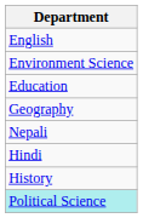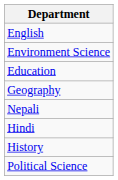 <table class="wikitable sortable">
 <tr>
 <th>Department</th>
 </tr>
 <tr>
 <td><a href='#'>English</a></td>
 </tr>
 <tr>
 <td><a href='#'>Environment Science</a></td>
 </tr>
 <tr>
 <td><a href='#'>Education</a></td>
 </tr>
 <tr>
 <td><a href='#'>Geography</a></td>
 </tr>
 <tr>
 <td><a href='#'>Nepali</a></td>
 </tr>
 <tr>
 <td><a href='#'>Hindi</a></td>
 </tr>
 <tr>
 <td><a href='#'>History</a></td>
 </tr>
 <tr>
-<td style="background: paleturquoise;"><a href='#'>Political Science</a></td>
+<td><a href='#'>Political Science</a></td>
 </tr>
 </table>
